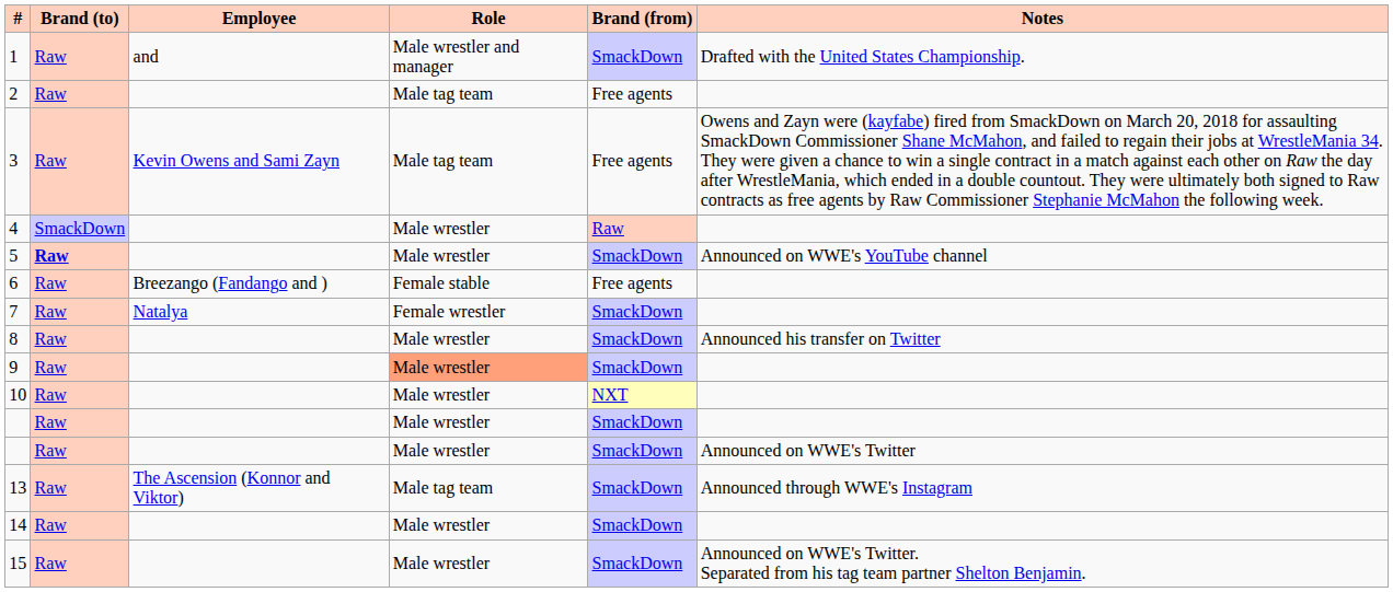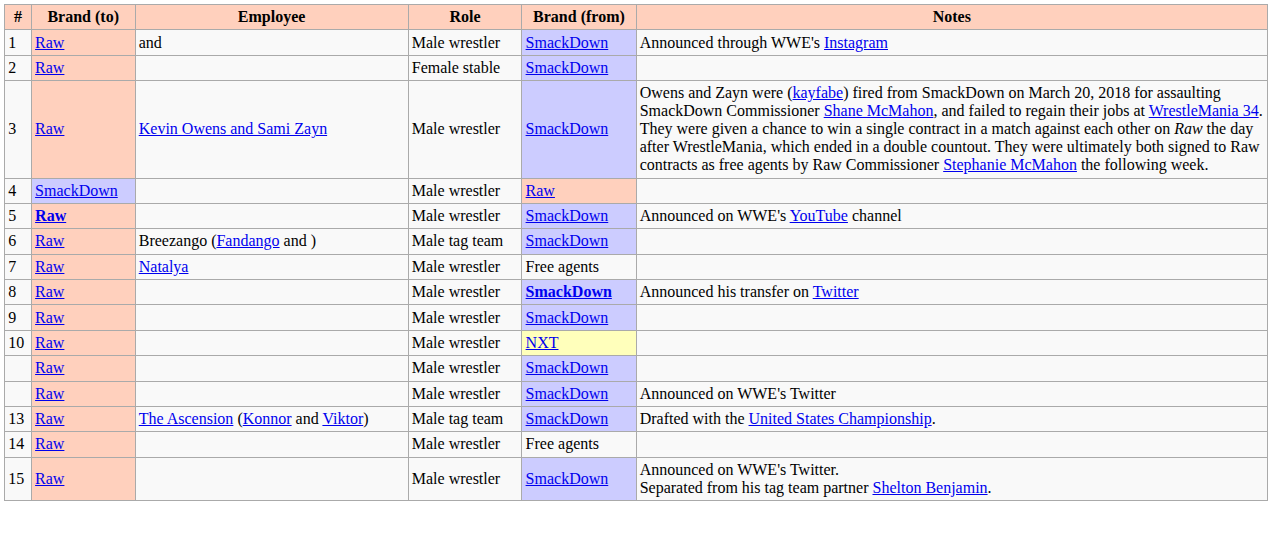 <table class="wikitable sortable" style="width: 100%">
 <tr>
 <th style="background:#ffd0bd;" data-sort-type="number">#</th>
 <th style="background:#ffd0bd; white-space: nowrap">Brand (to)</th>
 <th style="background:#ffd0bd">Employee<br></th>
 <th style="background:#ffd0bd; white-space: nowrap;">Role</th>
 <th style="background:#ffd0bd; white-space: nowrap">Brand (from)</th>
 <th width=50% style="background:#ffd0bd">Notes</th>
 </tr>
 <tr>
 <td>1</td>
 <td style="background:#ffd0bd"><a href='#'>Raw</a></td>
 <td> and <br></td>
-<td>Male wrestler and manager</td>
+<td>Male wrestler</td>
 <td style="background: #ccf"><a href='#'>SmackDown</a></td>
-<td>Drafted with the <a href='#'>United States Championship</a>.</td>
+<td>Announced through WWE's <a href='#'>Instagram</a></td>
 </tr>
 <tr>
 <td>2</td>
 <td style="background:#ffd0bd"><a href='#'>Raw</a></td>
 <td><br></td>
-<td>Male tag team</td>
-<td style='"background: #ccf"'>Free agents</td>
+<td>Female stable</td>
+<td style="background: #ccf"><a href='#'>SmackDown</a></td>
 <td></td>
 </tr>
 <tr>
 <td>3</td>
 <td style="background:#ffd0bd"><a href='#'>Raw</a></td>
 <td><a href='#'>Kevin Owens and Sami Zayn</a><br></td>
-<td>Male tag team</td>
-<td style='"background: #ccf"'>Free agents</td>
+<td>Male wrestler</td>
+<td style="background: #ccf"><a href='#'>SmackDown</a></td>
 <td>Owens and Zayn were (<a href='#'>kayfabe</a>) fired from SmackDown on March 20, 2018 for assaulting SmackDown Commissioner <a href='#'>Shane McMahon</a>, and failed to regain their jobs at <a href='#'>WrestleMania 34</a>. They were given a chance to win a single contract in a match against each other on <em>Raw</em> the day after WrestleMania, which ended in a double countout. They were ultimately both signed to Raw contracts as free agents by Raw Commissioner <a href='#'>Stephanie McMahon</a> the following week.</td>
 </tr>
 <tr>
 <td>4</td>
 <td style="background: #ccf"><a href='#'>SmackDown</a></td>
 <td><br></td>
 <td>Male wrestler</td>
 <td style="background: #ffd0bd"><a href='#'>Raw</a></td>
 <td></td>
 </tr>
 <tr>
 <td>5</td>
 <td style="background:#ffd0bd"><strong><a href='#'>Raw</a></strong></td>
 <td><br></td>
 <td>Male wrestler</td>
 <td style="background: #ccf"><a href='#'>SmackDown</a></td>
 <td>Announced on WWE's <a href='#'>YouTube</a> channel</td>
 </tr>
 <tr>
 <td>6</td>
 <td style="background:#ffd0bd"><a href='#'>Raw</a></td>
 <td>Breezango (<a href='#'>Fandango</a> and )<br></td>
-<td>Female stable</td>
-<td style='"background: #ccf"'>Free agents</td>
+<td>Male tag team</td>
+<td style="background: #ccf"><a href='#'>SmackDown</a></td>
 <td></td>
 </tr>
 <tr>
 <td>7</td>
 <td style="background:#ffd0bd"><a href='#'>Raw</a></td>
 <td><a href='#'>Natalya</a><br></td>
-<td>Female wrestler</td>
-<td style="background: #ccf"><a href='#'>SmackDown</a></td>
+<td>Male wrestler</td>
+<td style='"background: #ccf"'>Free agents</td>
 <td></td>
 </tr>
 <tr>
 <td>8</td>
 <td style="background:#ffd0bd"><a href='#'>Raw</a></td>
 <td><br></td>
 <td>Male wrestler</td>
-<td style="background: #ccf"><a href='#'>SmackDown</a></td>
+<td style="background: #ccf"><strong><a href='#'>SmackDown</a></strong></td>
 <td>Announced his transfer on <a href='#'>Twitter</a></td>
 </tr>
 <tr>
 <td>9</td>
 <td style="background:#ffd0bd"><a href='#'>Raw</a></td>
 <td><br></td>
-<td style="background: lightsalmon;">Male wrestler</td>
+<td>Male wrestler</td>
 <td style="background: #ccf"><a href='#'>SmackDown</a></td>
 <td></td>
 </tr>
 <tr>
 <td>10</td>
 <td style="background:#ffd0bd"><a href='#'>Raw</a></td>
 <td><br></td>
 <td>Male wrestler</td>
 <td style="background:#ffb"><a href='#'>NXT</a></td>
 <td></td>
 </tr>
 <tr>
 <td></td>
 <td style="background:#ffd0bd"><a href='#'>Raw</a></td>
 <td><br></td>
 <td>Male wrestler</td>
 <td style="background: #ccf"><a href='#'>SmackDown</a></td>
 <td></td>
 </tr>
 <tr>
 <td></td>
 <td style="background:#ffd0bd"><a href='#'>Raw</a></td>
 <td><br></td>
 <td>Male wrestler</td>
 <td style="background: #ccf"><a href='#'>SmackDown</a></td>
 <td>Announced on WWE's Twitter</td>
 </tr>
 <tr>
 <td>13</td>
 <td style="background:#ffd0bd"><a href='#'>Raw</a></td>
 <td><a href='#'>The Ascension</a> (<a href='#'>Konnor</a> and <a href='#'>Viktor</a>)<br></td>
 <td>Male tag team</td>
 <td style="background: #ccf"><a href='#'>SmackDown</a></td>
-<td>Announced through WWE's <a href='#'>Instagram</a></td>
+<td>Drafted with the <a href='#'>United States Championship</a>.</td>
 </tr>
 <tr>
 <td>14</td>
 <td style="background:#ffd0bd"><a href='#'>Raw</a></td>
 <td><br></td>
 <td>Male wrestler</td>
-<td style="background: #ccf"><a href='#'>SmackDown</a></td>
+<td style='"background: #ccf"'>Free agents</td>
 <td></td>
 </tr>
 <tr>
 <td>15</td>
 <td style="background:#ffd0bd"><a href='#'>Raw</a></td>
 <td><br></td>
 <td>Male wrestler</td>
 <td style="background: #ccf"><a href='#'>SmackDown</a></td>
 <td>Announced on WWE's Twitter.<br>Separated from his tag team partner <a href='#'>Shelton Benjamin</a>.</td>
 </tr>
 </table>
